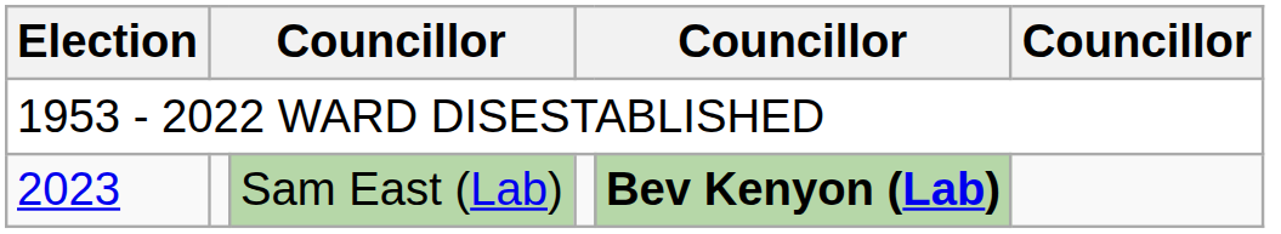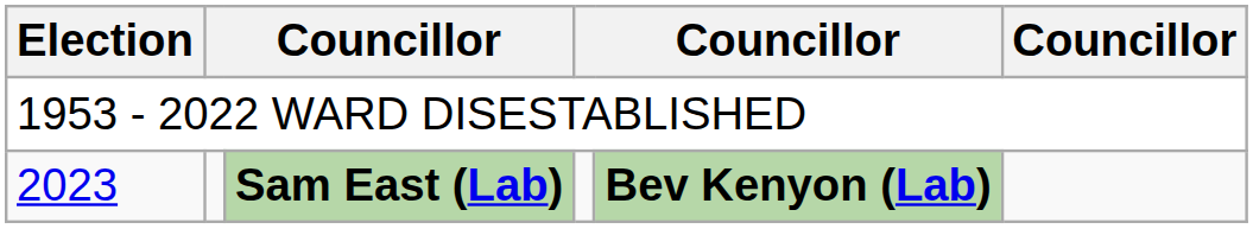 <table class="wikitable">
 <tr>
 <th>Election</th>
 <th colspan="2">Councillor</th>
 <th colspan="2">Councillor</th>
 <th colspan="2">Councillor</th>
 </tr>
 <tr>
 <td colspan="8" bgcolor="#FFF"><div>1953 - 2022 WARD DISESTABLISHED</div></td>
 </tr>
 <tr>
 <td><a href='#'>2023</a></td>
 <td style="background-color: "></td>
-<td bgcolor="#B6D7A8">Sam East (<a href='#'>Lab</a>)</td>
+<td bgcolor="#B6D7A8"><strong>Sam East (<a href='#'>Lab</a>)</strong></td>
 <td style="background-color: "></td>
 <td bgcolor="#B6D7A8"><strong>Bev Kenyon (<a href='#'>Lab</a>)</strong></td>
 </tr>
 </table>
